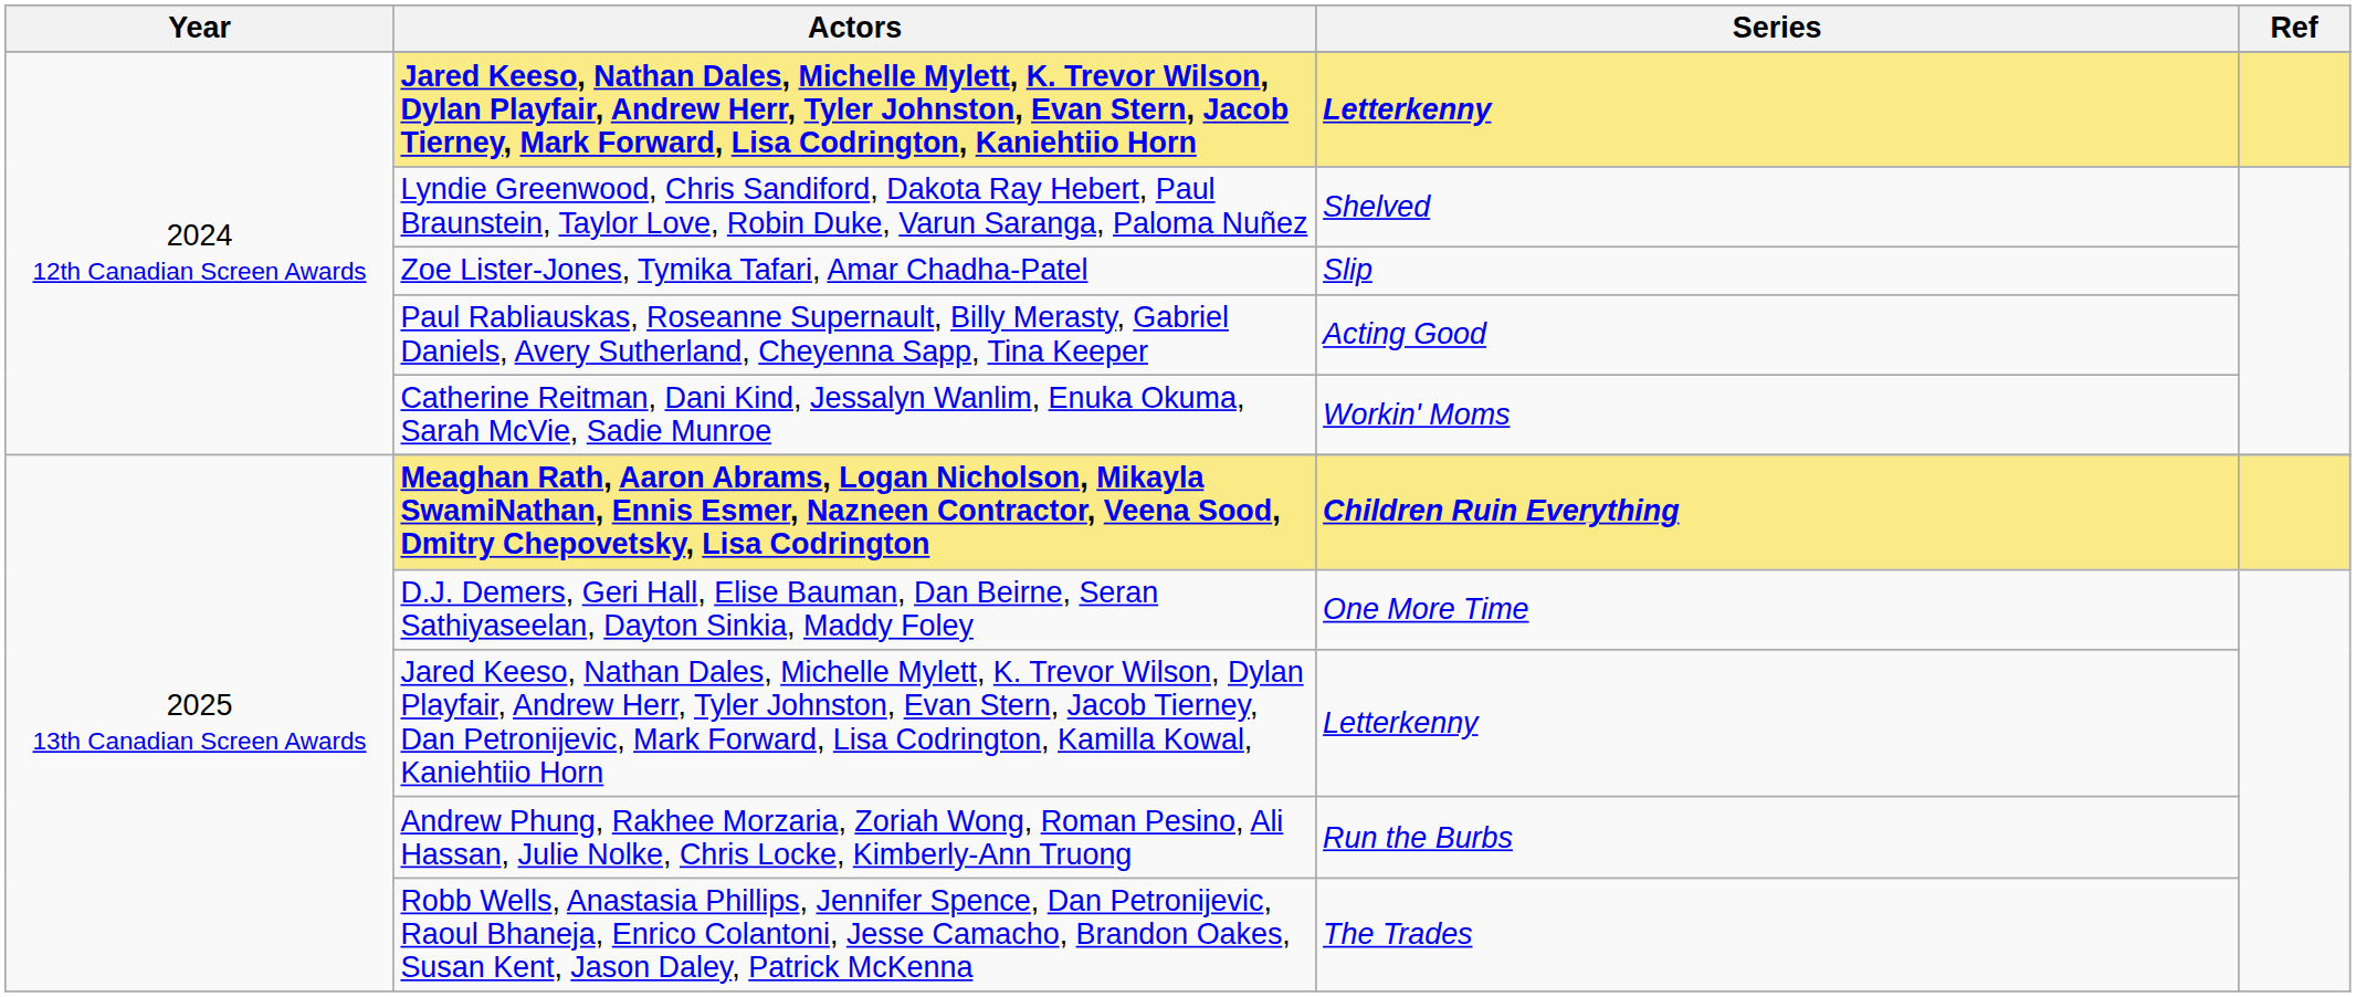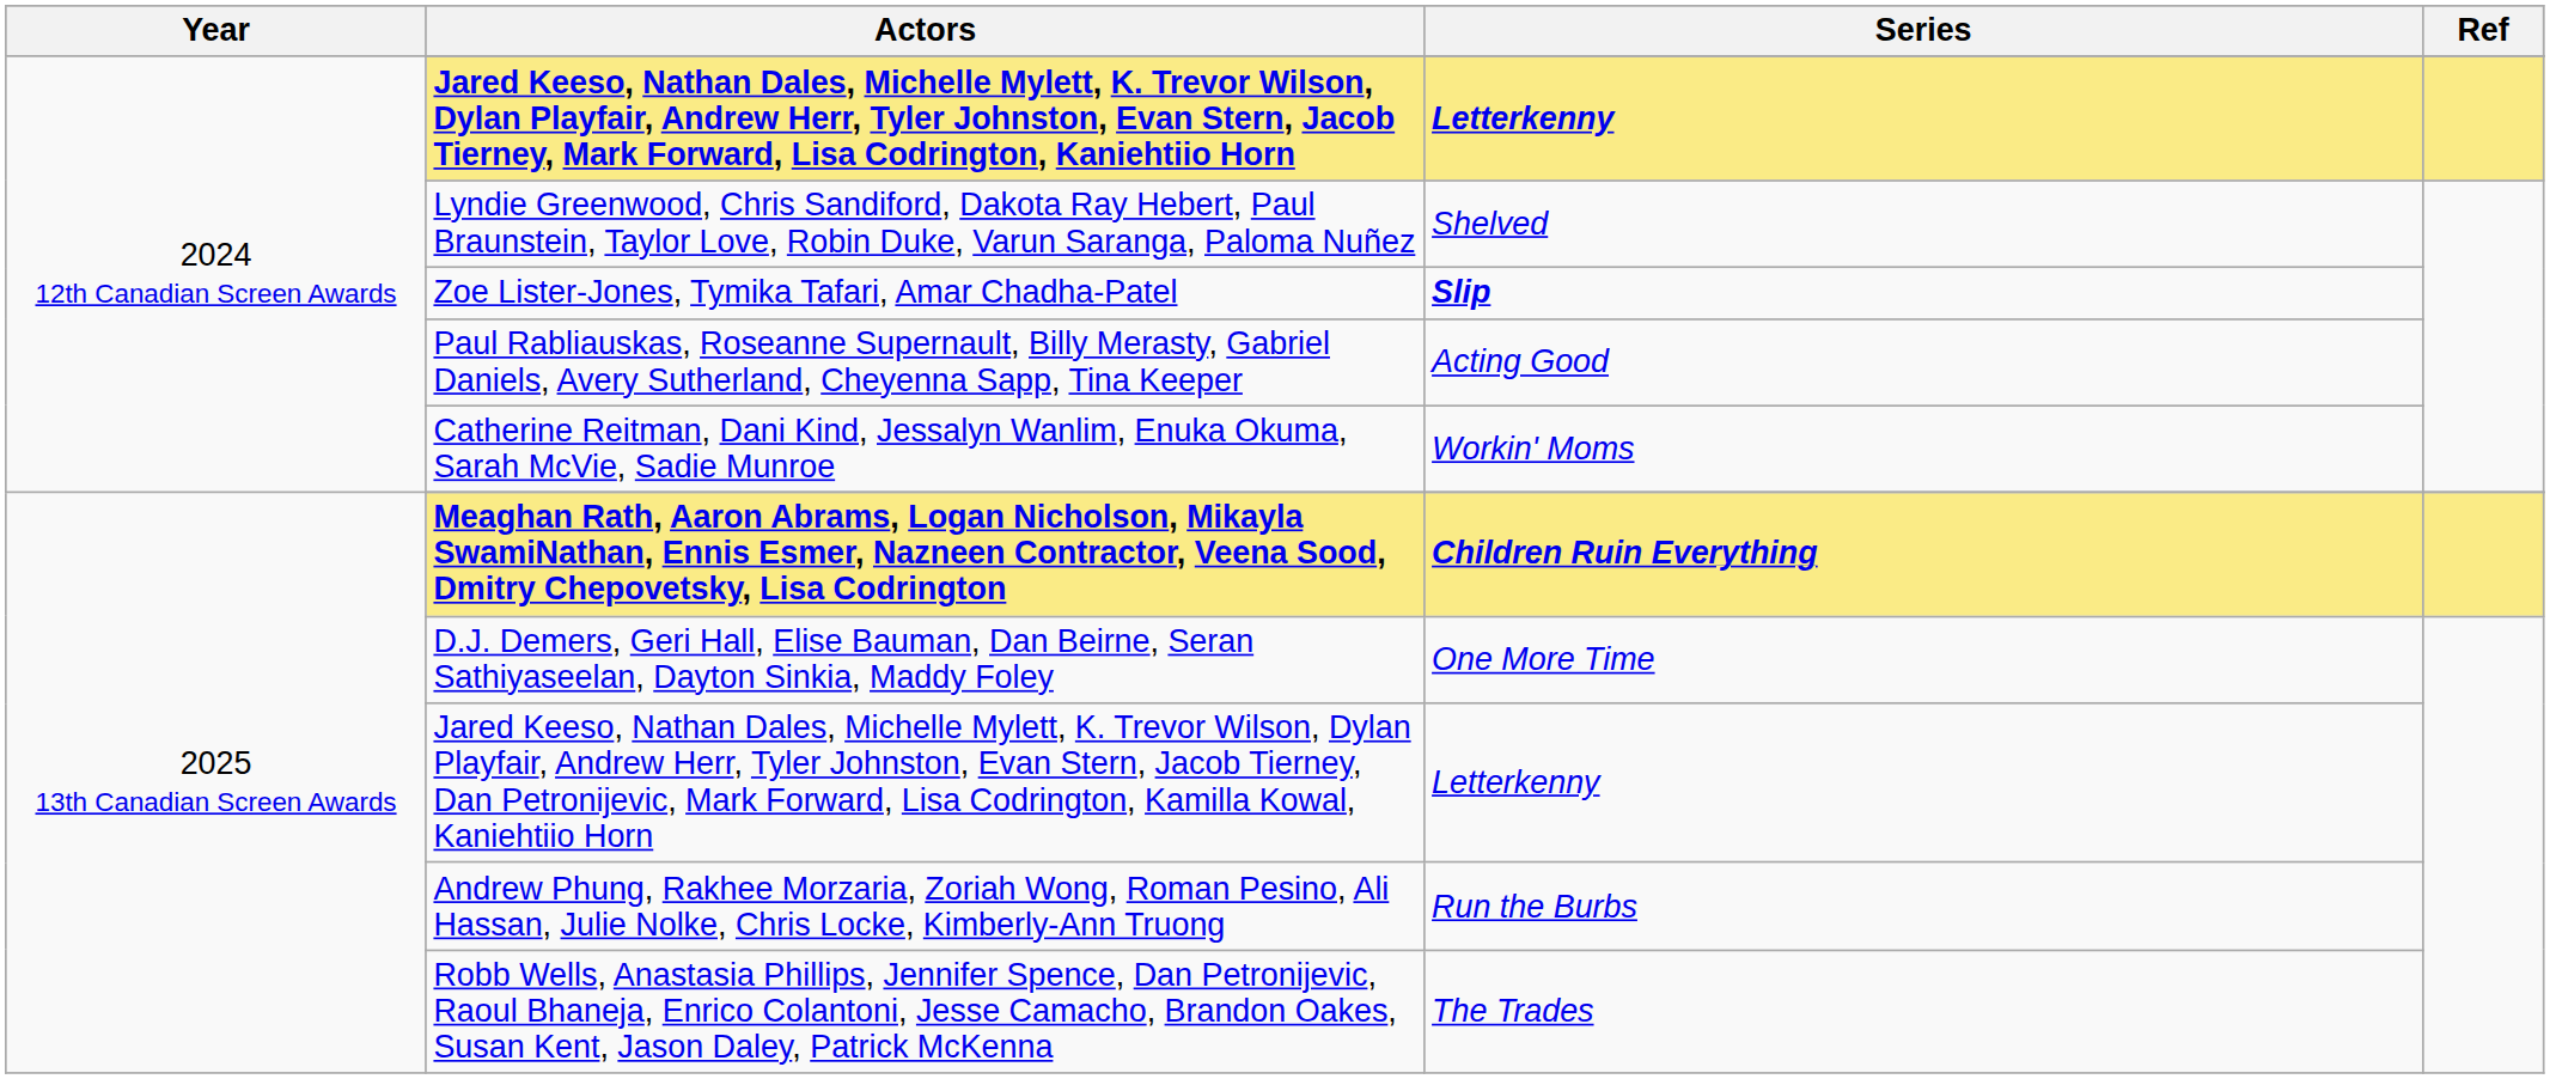 <table class="wikitable" style="width:100%;">
 <tr style="background:#bebebe;">
 <th style="width:8%;">Year</th>
 <th style="width:19%;">Actors</th>
 <th style="width:19%;">Series</th>
 <th style="width:2%;">Ref</th>
 </tr>
 <tr>
 <td rowspan="6" align="center">2024 <br> <small><a href='#'>12th Canadian Screen Awards</a></small></td>
 </tr>
 <tr style="background:#FAEB86;">
 <td><strong><a href='#'>Jared Keeso</a>, <a href='#'>Nathan Dales</a>, <a href='#'>Michelle Mylett</a>, <a href='#'>K. Trevor Wilson</a>, <a href='#'>Dylan Playfair</a>, <a href='#'>Andrew Herr</a>, <a href='#'>Tyler Johnston</a>, <a href='#'>Evan Stern</a>, <a href='#'>Jacob Tierney</a>, <a href='#'>Mark Forward</a>, <a href='#'>Lisa Codrington</a>, <a href='#'>Kaniehtiio Horn</a></strong></td>
 <td><strong><em><a href='#'>Letterkenny</a></em></strong></td>
 <td></td>
 </tr>
 <tr>
 <td><a href='#'>Lyndie Greenwood</a>, <a href='#'>Chris Sandiford</a>, <a href='#'>Dakota Ray Hebert</a>, <a href='#'>Paul Braunstein</a>, <a href='#'>Taylor Love</a>, <a href='#'>Robin Duke</a>, <a href='#'>Varun Saranga</a>, <a href='#'>Paloma Nuñez</a></td>
 <td><em><a href='#'>Shelved</a></em></td>
 <td rowspan=4></td>
 </tr>
 <tr>
 <td><a href='#'>Zoe Lister-Jones</a>, <a href='#'>Tymika Tafari</a>, <a href='#'>Amar Chadha-Patel</a></td>
-<td><em><a href='#'>Slip</a></em></td>
+<td><strong><em><a href='#'>Slip</a></em></strong></td>
 </tr>
 <tr>
 <td><a href='#'>Paul Rabliauskas</a>, <a href='#'>Roseanne Supernault</a>, <a href='#'>Billy Merasty</a>, <a href='#'>Gabriel Daniels</a>, <a href='#'>Avery Sutherland</a>, <a href='#'>Cheyenna Sapp</a>, <a href='#'>Tina Keeper</a></td>
 <td><em><a href='#'>Acting Good</a></em></td>
 </tr>
 <tr>
 <td><a href='#'>Catherine Reitman</a>, <a href='#'>Dani Kind</a>, <a href='#'>Jessalyn Wanlim</a>, <a href='#'>Enuka Okuma</a>, <a href='#'>Sarah McVie</a>, <a href='#'>Sadie Munroe</a></td>
 <td><em><a href='#'>Workin' Moms</a></em></td>
 </tr>
 <tr>
 <td rowspan="6" align="center">2025 <br> <small><a href='#'>13th Canadian Screen Awards</a></small></td>
 </tr>
 <tr style="background:#FAEB86;">
 <td><strong><a href='#'>Meaghan Rath</a>, <a href='#'>Aaron Abrams</a>, <a href='#'>Logan Nicholson</a>, <a href='#'>Mikayla SwamiNathan</a>, <a href='#'>Ennis Esmer</a>, <a href='#'>Nazneen Contractor</a>, <a href='#'>Veena Sood</a>, <a href='#'>Dmitry Chepovetsky</a>, <a href='#'>Lisa Codrington</a></strong></td>
 <td><strong><em><a href='#'>Children Ruin Everything</a></em></strong></td>
 <td></td>
 </tr>
 <tr>
 <td><a href='#'>D.J. Demers</a>, <a href='#'>Geri Hall</a>, <a href='#'>Elise Bauman</a>, <a href='#'>Dan Beirne</a>, <a href='#'>Seran Sathiyaseelan</a>, <a href='#'>Dayton Sinkia</a>, <a href='#'>Maddy Foley</a></td>
 <td><em><a href='#'>One More Time</a></em></td>
 <td rowspan=4></td>
 </tr>
 <tr>
 <td><a href='#'>Jared Keeso</a>, <a href='#'>Nathan Dales</a>, <a href='#'>Michelle Mylett</a>, <a href='#'>K. Trevor Wilson</a>, <a href='#'>Dylan Playfair</a>, <a href='#'>Andrew Herr</a>, <a href='#'>Tyler Johnston</a>, <a href='#'>Evan Stern</a>, <a href='#'>Jacob Tierney</a>, <a href='#'>Dan Petronijevic</a>, <a href='#'>Mark Forward</a>, <a href='#'>Lisa Codrington</a>, <a href='#'>Kamilla Kowal</a>, <a href='#'>Kaniehtiio Horn</a></td>
 <td><em><a href='#'>Letterkenny</a></em></td>
 </tr>
 <tr>
 <td><a href='#'>Andrew Phung</a>, <a href='#'>Rakhee Morzaria</a>, <a href='#'>Zoriah Wong</a>, <a href='#'>Roman Pesino</a>, <a href='#'>Ali Hassan</a>, <a href='#'>Julie Nolke</a>, <a href='#'>Chris Locke</a>, <a href='#'>Kimberly-Ann Truong</a></td>
 <td><em><a href='#'>Run the Burbs</a></em></td>
 </tr>
 <tr>
 <td><a href='#'>Robb Wells</a>, <a href='#'>Anastasia Phillips</a>, <a href='#'>Jennifer Spence</a>, <a href='#'>Dan Petronijevic</a>, <a href='#'>Raoul Bhaneja</a>, <a href='#'>Enrico Colantoni</a>, <a href='#'>Jesse Camacho</a>, <a href='#'>Brandon Oakes</a>, <a href='#'>Susan Kent</a>, <a href='#'>Jason Daley</a>, <a href='#'>Patrick McKenna</a></td>
 <td><em><a href='#'>The Trades</a></em></td>
 </tr>
 </table>
